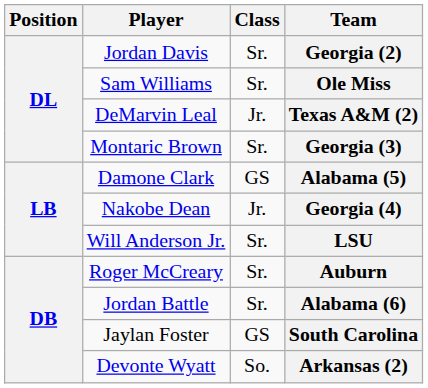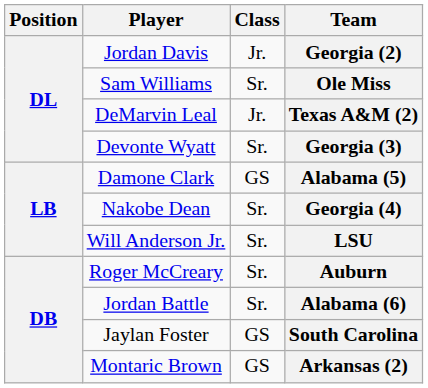 <table class="wikitable">
 <tr>
 <th>Position</th>
 <th>Player</th>
 <th>Class</th>
 <th>Team</th>
 </tr>
 <tr style="text-align:center;">
 <th rowspan="4"><a href='#'>DL</a></th>
 <td><a href='#'>Jordan Davis</a></td>
-<td>Sr.</td>
+<td>Jr.</td>
 <th>Georgia (2)</th>
 </tr>
 <tr style="text-align:center;">
 <td><a href='#'>Sam Williams</a></td>
 <td>Sr.</td>
 <th>Ole Miss</th>
 </tr>
 <tr style="text-align:center;">
 <td><a href='#'>DeMarvin Leal</a></td>
 <td>Jr.</td>
 <th>Texas A&M (2)</th>
 </tr>
 <tr style="text-align:center;">
-<td><a href='#'>Montaric Brown</a></td>
+<td><a href='#'>Devonte Wyatt</a></td>
 <td>Sr.</td>
 <th>Georgia (3)</th>
 </tr>
 <tr style="text-align:center;">
 <th rowspan="3"><a href='#'>LB</a></th>
 <td><a href='#'>Damone Clark</a></td>
 <td>GS</td>
 <th>Alabama (5)</th>
 </tr>
 <tr style="text-align:center;">
 <td><a href='#'>Nakobe Dean</a></td>
-<td>Jr.</td>
+<td>Sr.</td>
 <th>Georgia (4)</th>
 </tr>
 <tr style="text-align:center;">
 <td><a href='#'>Will Anderson Jr.</a></td>
 <td>Sr.</td>
 <th>LSU</th>
 </tr>
 <tr style="text-align:center;">
 <th rowspan="4"><a href='#'>DB</a></th>
 <td><a href='#'>Roger McCreary</a></td>
 <td>Sr.</td>
 <th>Auburn</th>
 </tr>
 <tr style="text-align:center;">
 <td><a href='#'>Jordan Battle</a></td>
 <td>Sr.</td>
 <th>Alabama (6)</th>
 </tr>
 <tr style="text-align:center;">
 <td>Jaylan Foster</td>
 <td>GS</td>
 <th>South Carolina</th>
 </tr>
 <tr style="text-align:center;">
-<td><a href='#'>Devonte Wyatt</a></td>
-<td>So.</td>
+<td><a href='#'>Montaric Brown</a></td>
+<td>GS</td>
 <th>Arkansas (2)</th>
 </tr>
 </table>
